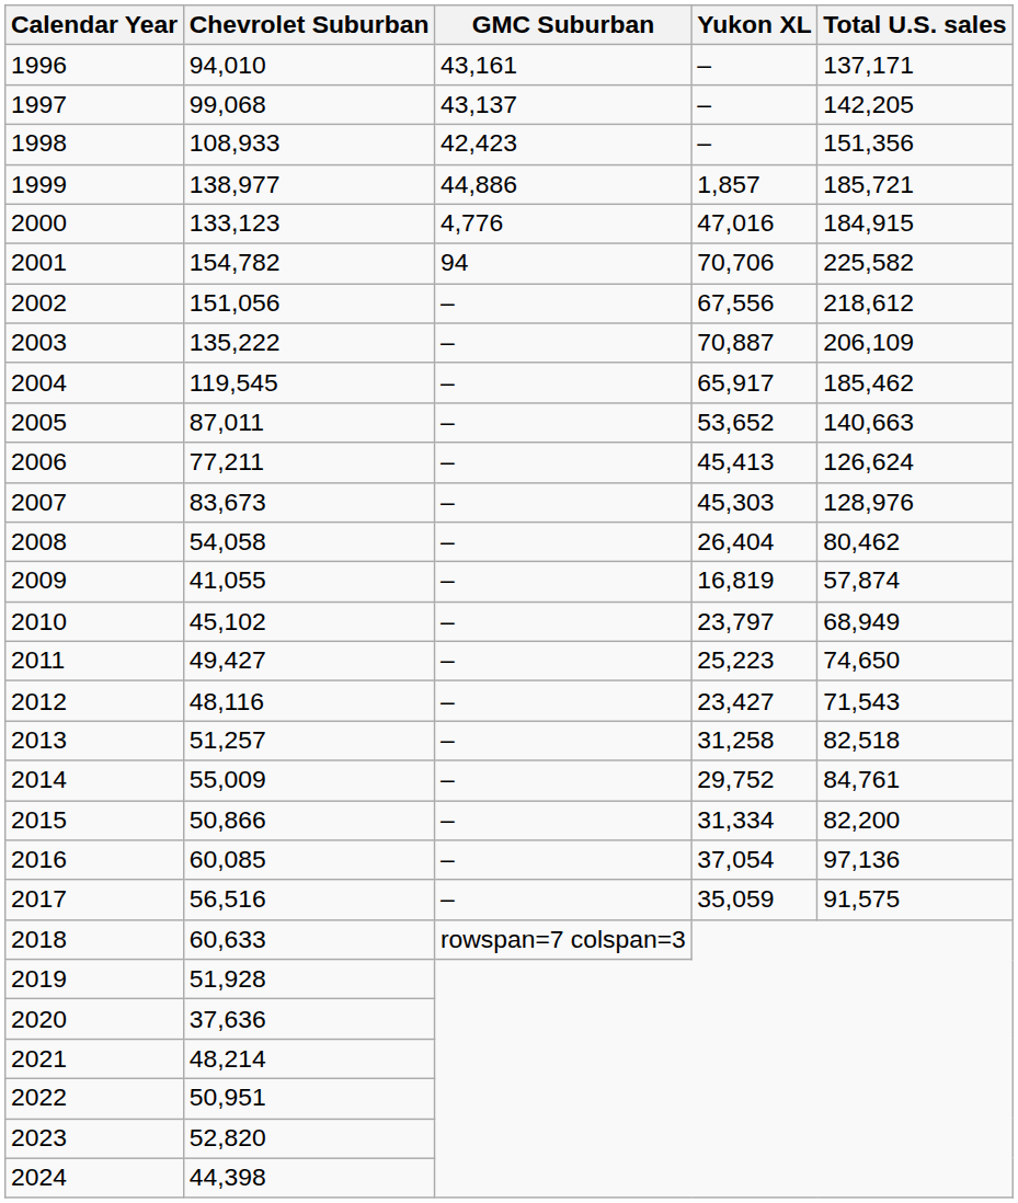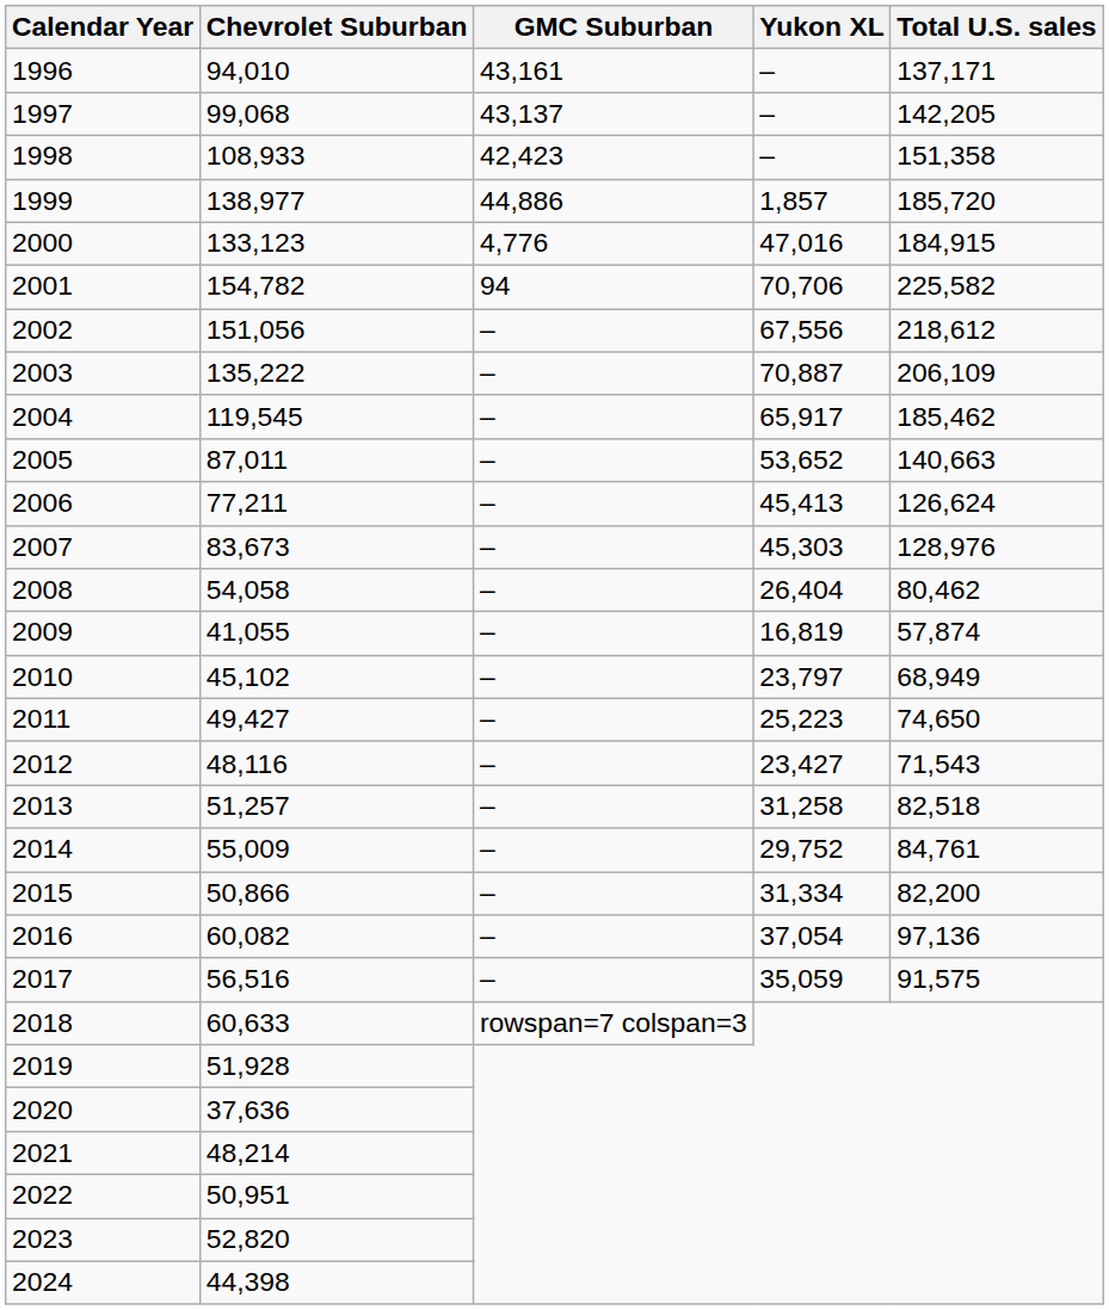 <table class="wikitable">
 <tr>
 <th>Calendar Year</th>
 <th>Chevrolet Suburban</th>
 <th>GMC Suburban</th>
 <th>Yukon XL</th>
 <th>Total U.S. sales</th>
 </tr>
 <tr>
 <td>1996</td>
 <td>94,010</td>
 <td>43,161</td>
 <td>–</td>
 <td>137,171</td>
 </tr>
 <tr>
 <td>1997</td>
 <td>99,068</td>
 <td>43,137</td>
 <td>–</td>
 <td>142,205</td>
 </tr>
 <tr>
 <td>1998</td>
 <td>108,933</td>
 <td>42,423</td>
 <td>–</td>
-<td>151,356</td>
+<td>151,358</td>
 </tr>
 <tr>
 <td>1999</td>
 <td>138,977</td>
 <td>44,886</td>
 <td>1,857</td>
-<td>185,721</td>
+<td>185,720</td>
 </tr>
 <tr>
 <td>2000</td>
 <td>133,123</td>
 <td>4,776</td>
 <td>47,016</td>
 <td>184,915</td>
 </tr>
 <tr>
 <td>2001</td>
 <td>154,782</td>
 <td>94</td>
 <td>70,706</td>
 <td>225,582</td>
 </tr>
 <tr>
 <td>2002</td>
 <td>151,056</td>
 <td>–</td>
 <td>67,556</td>
 <td>218,612</td>
 </tr>
 <tr>
 <td>2003</td>
 <td>135,222</td>
 <td>–</td>
 <td>70,887</td>
 <td>206,109</td>
 </tr>
 <tr>
 <td>2004</td>
 <td>119,545</td>
 <td>–</td>
 <td>65,917</td>
 <td>185,462</td>
 </tr>
 <tr>
 <td>2005</td>
 <td>87,011</td>
 <td>–</td>
 <td>53,652</td>
 <td>140,663</td>
 </tr>
 <tr>
 <td>2006</td>
 <td>77,211</td>
 <td>–</td>
 <td>45,413</td>
 <td>126,624</td>
 </tr>
 <tr>
 <td>2007</td>
 <td>83,673</td>
 <td>–</td>
 <td>45,303</td>
 <td>128,976</td>
 </tr>
 <tr>
 <td>2008</td>
 <td>54,058</td>
 <td>–</td>
 <td>26,404</td>
 <td>80,462</td>
 </tr>
 <tr>
 <td>2009</td>
 <td>41,055</td>
 <td>–</td>
 <td>16,819</td>
 <td>57,874</td>
 </tr>
 <tr>
 <td>2010</td>
 <td>45,102</td>
 <td>–</td>
 <td>23,797</td>
 <td>68,949</td>
 </tr>
 <tr>
 <td>2011</td>
 <td>49,427</td>
 <td>–</td>
 <td>25,223</td>
 <td>74,650</td>
 </tr>
 <tr>
 <td>2012</td>
 <td>48,116</td>
 <td>–</td>
 <td>23,427</td>
 <td>71,543</td>
 </tr>
 <tr>
 <td>2013</td>
 <td>51,257</td>
 <td>–</td>
 <td>31,258</td>
 <td>82,518</td>
 </tr>
 <tr>
 <td>2014</td>
 <td>55,009</td>
 <td>–</td>
 <td>29,752</td>
 <td>84,761</td>
 </tr>
 <tr>
 <td>2015</td>
 <td>50,866</td>
 <td>–</td>
 <td>31,334</td>
 <td>82,200</td>
 </tr>
 <tr>
 <td>2016</td>
-<td>60,085</td>
+<td>60,082</td>
 <td>–</td>
 <td>37,054</td>
 <td>97,136</td>
 </tr>
 <tr>
 <td>2017</td>
 <td>56,516</td>
 <td>–</td>
 <td>35,059</td>
 <td>91,575</td>
 </tr>
 <tr>
 <td>2018</td>
 <td>60,633</td>
 <td>rowspan=7 colspan=3 </td>
 </tr>
 <tr>
 <td>2019</td>
 <td>51,928</td>
 </tr>
 <tr>
 <td>2020</td>
 <td>37,636</td>
 </tr>
 <tr>
 <td>2021</td>
 <td>48,214</td>
 </tr>
 <tr>
 <td>2022</td>
 <td>50,951</td>
 </tr>
 <tr>
 <td>2023</td>
 <td>52,820</td>
 </tr>
 <tr>
 <td>2024</td>
 <td>44,398</td>
 </tr>
 </table>
